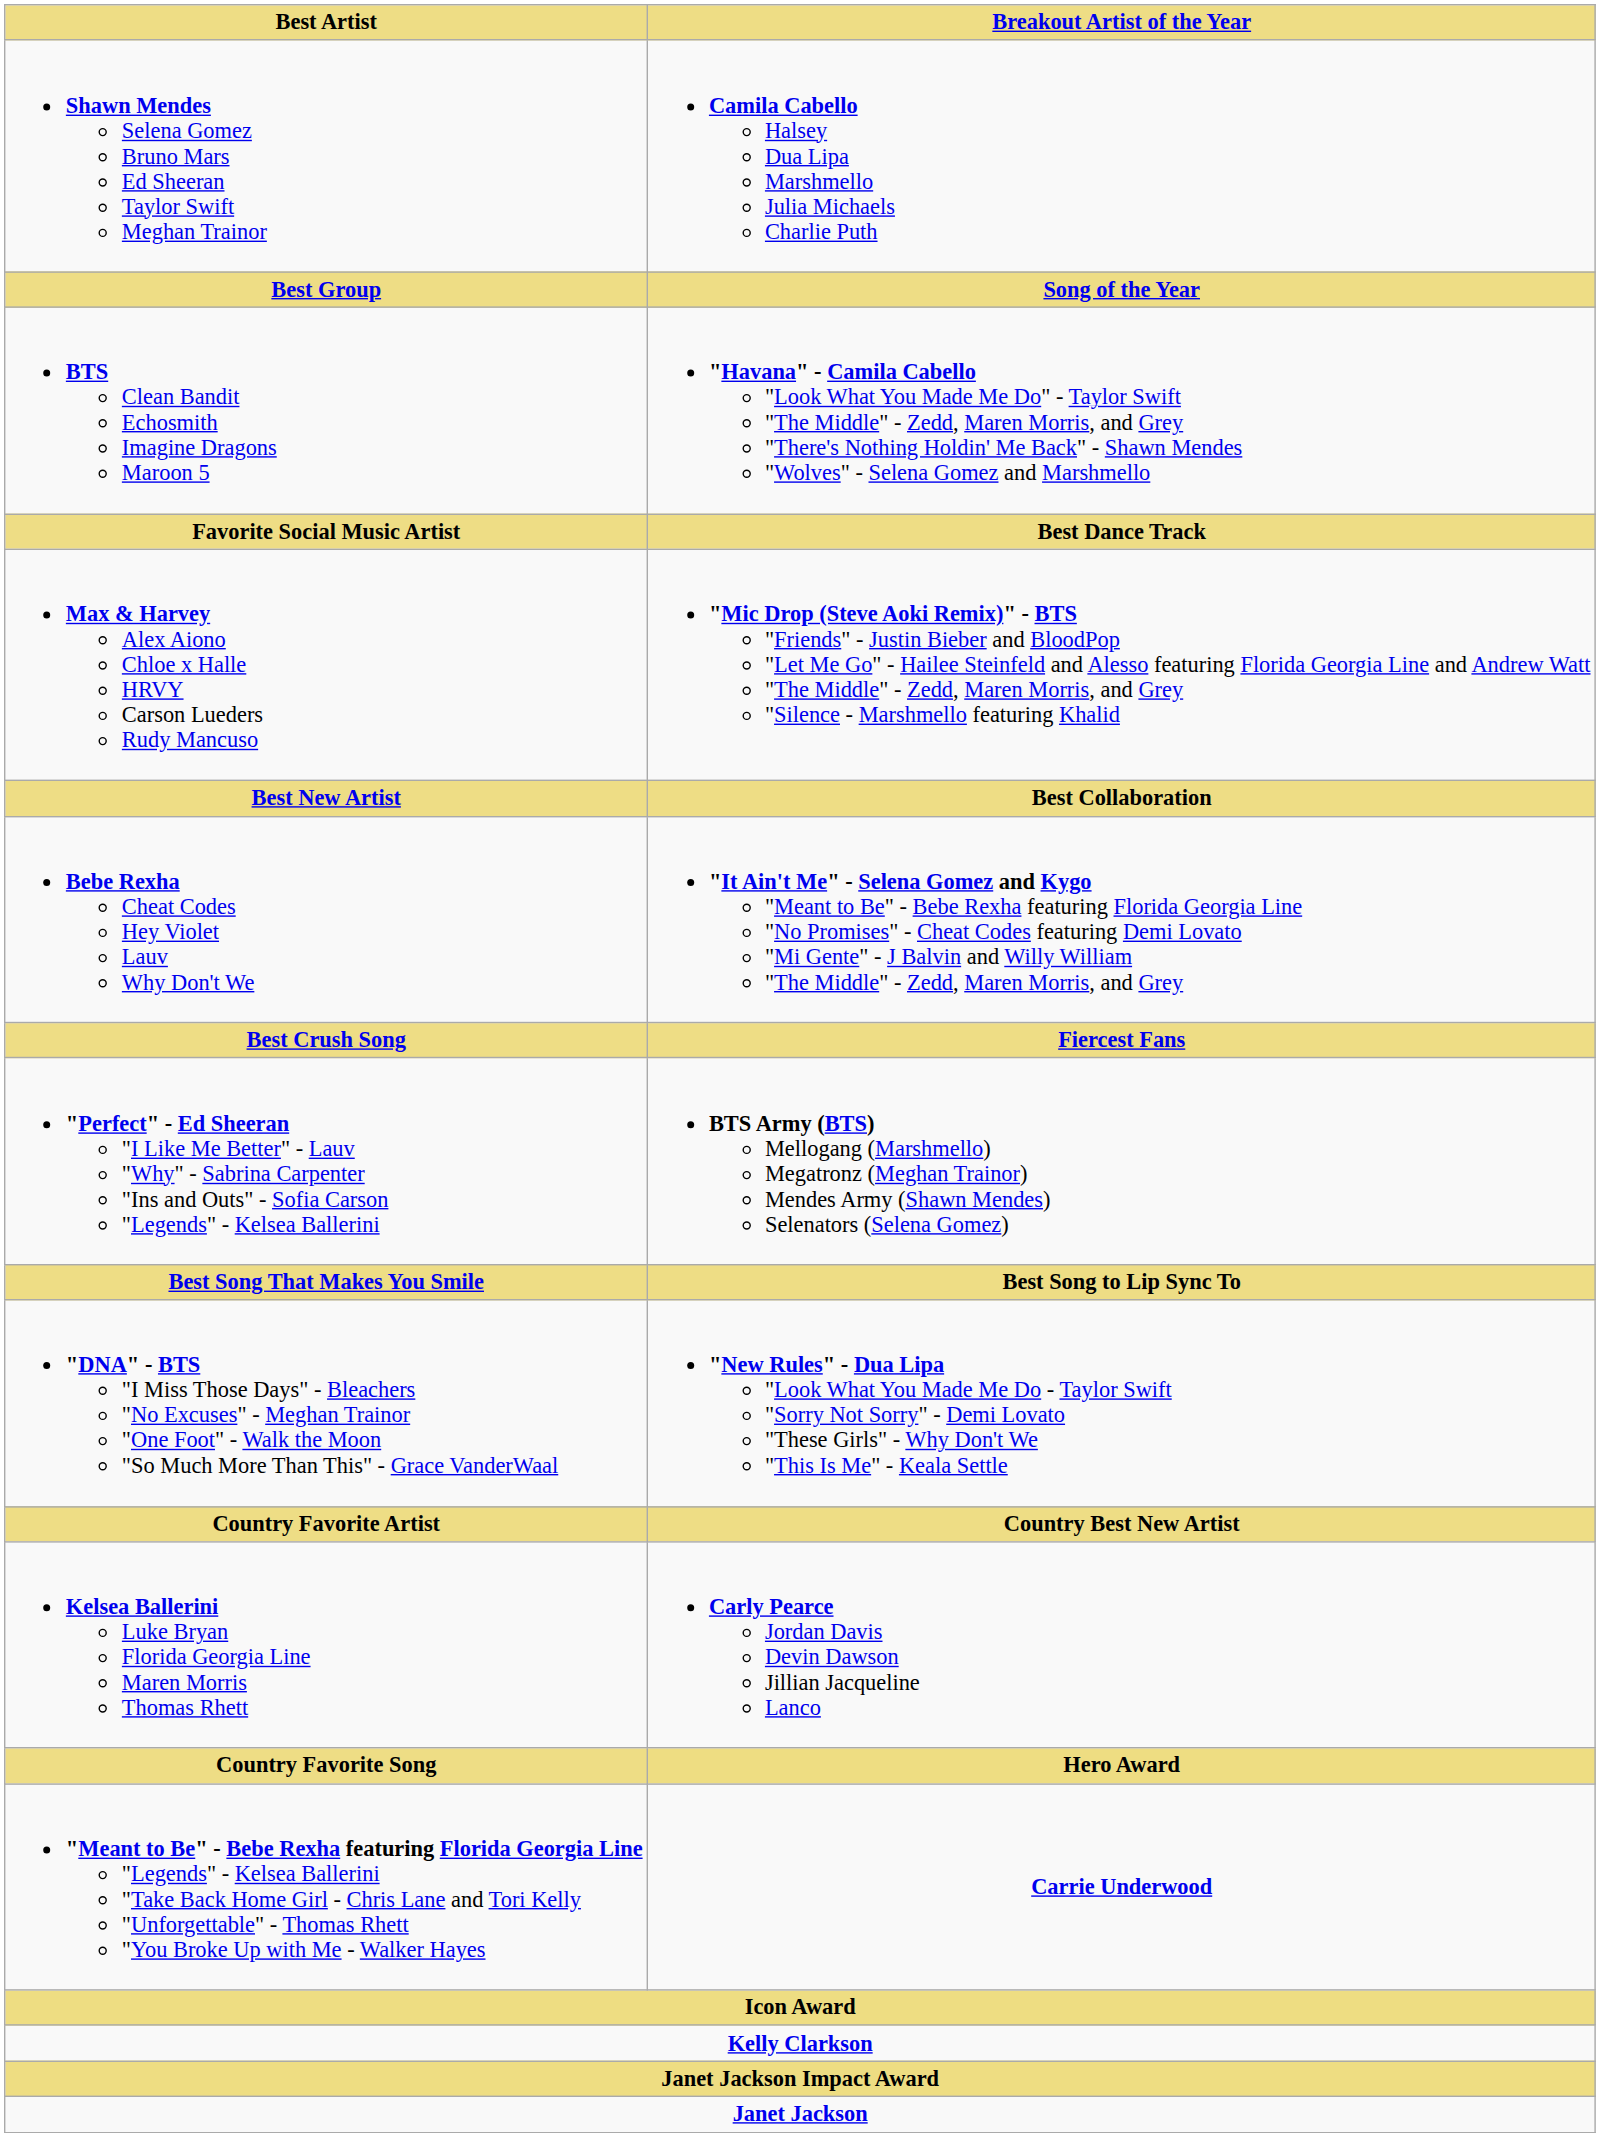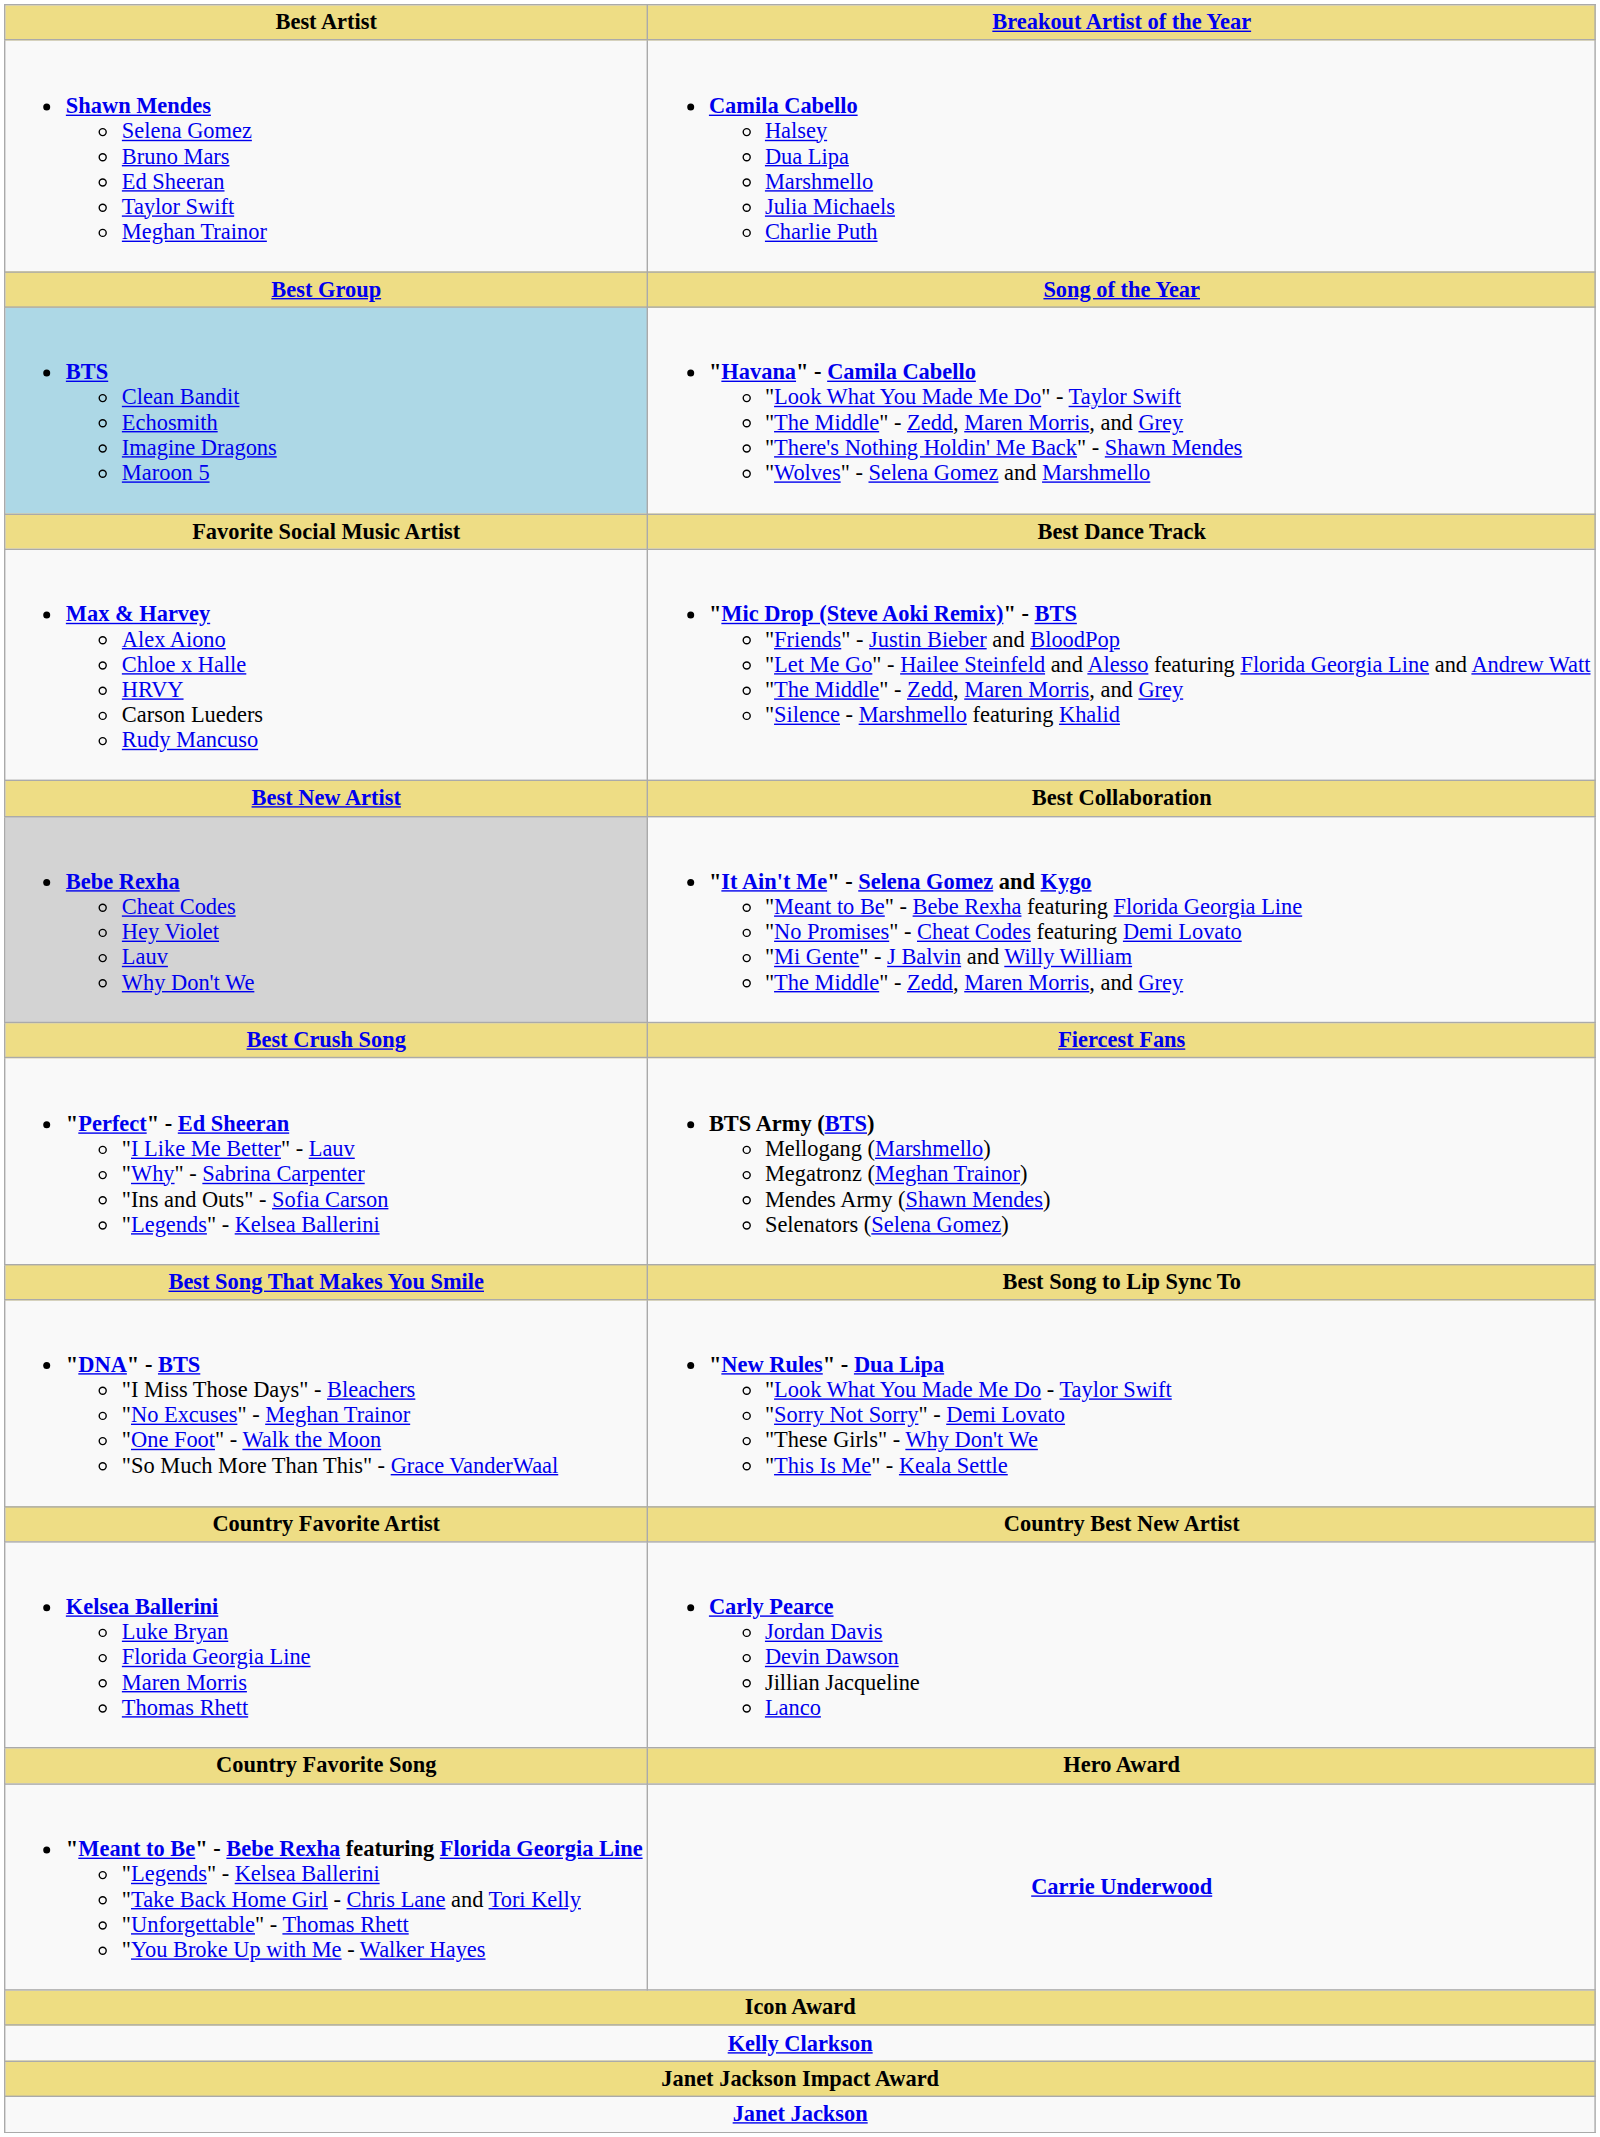 <table class=wikitable style="width="150%">
 <tr>
 <th style="background:#EEDD85; width=50%">Best Artist</th>
 <th style="background:#EEDD85; width=50%"><a href='#'>Breakout Artist of the Year</a></th>
 </tr>
 <tr>
 <td valign="top"><br><ul><li><strong><a href='#'>Shawn Mendes</a></strong><ul><li><a href='#'>Selena Gomez</a></li><li><a href='#'>Bruno Mars</a></li><li><a href='#'>Ed Sheeran</a></li><li><a href='#'>Taylor Swift</a></li><li><a href='#'>Meghan Trainor</a></li></ul></li></ul></td>
 <td valign="top"><br><ul><li><strong><a href='#'>Camila Cabello</a></strong><ul><li><a href='#'>Halsey</a></li><li><a href='#'>Dua Lipa</a></li><li><a href='#'>Marshmello</a></li><li><a href='#'>Julia Michaels</a></li><li><a href='#'>Charlie Puth</a></li></ul></li></ul></td>
 </tr>
 <tr>
 <th style="background:#EEDD85; width=50%"><a href='#'>Best Group</a></th>
 <th style="background:#EEDD85; width=50%"><a href='#'>Song of the Year</a></th>
 </tr>
 <tr>
-<td valign="top"><br><ul><li><strong><a href='#'>BTS</a></strong><ul><li><a href='#'>Clean Bandit</a></li><li><a href='#'>Echosmith</a></li><li><a href='#'>Imagine Dragons</a></li><li><a href='#'>Maroon 5</a></li></ul></li></ul></td>
+<td valign="top" style="background: lightblue;"><br><ul><li><strong><a href='#'>BTS</a></strong><ul><li><a href='#'>Clean Bandit</a></li><li><a href='#'>Echosmith</a></li><li><a href='#'>Imagine Dragons</a></li><li><a href='#'>Maroon 5</a></li></ul></li></ul></td>
 <td valign="top"><br><ul><li><strong>"<a href='#'>Havana</a>" - <a href='#'>Camila Cabello</a></strong><ul><li>"<a href='#'>Look What You Made Me Do</a>" - <a href='#'>Taylor Swift</a></li><li>"<a href='#'>The Middle</a>" - <a href='#'>Zedd</a>, <a href='#'>Maren Morris</a>, and <a href='#'>Grey</a></li><li>"<a href='#'>There's Nothing Holdin' Me Back</a>" - <a href='#'>Shawn Mendes</a></li><li>"<a href='#'>Wolves</a>" - <a href='#'>Selena Gomez</a> and <a href='#'>Marshmello</a></li></ul></li></ul></td>
 </tr>
 <tr>
 <th style="background:#EEDD85; width=50%">Favorite Social Music Artist</th>
 <th style="background:#EEDD85; width=50%">Best Dance Track</th>
 </tr>
 <tr>
 <td valign="top"><br><ul><li><strong><a href='#'>Max & Harvey</a></strong><ul><li><a href='#'>Alex Aiono</a></li><li><a href='#'>Chloe x Halle</a></li><li><a href='#'>HRVY</a></li><li>Carson Lueders</li><li><a href='#'>Rudy Mancuso</a></li></ul></li></ul></td>
 <td valign="top"><br><ul><li><strong>"<a href='#'>Mic Drop (Steve Aoki Remix)</a>" - <a href='#'>BTS</a></strong><ul><li>"<a href='#'>Friends</a>" - <a href='#'>Justin Bieber</a> and <a href='#'>BloodPop</a></li><li>"<a href='#'>Let Me Go</a>" - <a href='#'>Hailee Steinfeld</a> and <a href='#'>Alesso</a> featuring <a href='#'>Florida Georgia Line</a> and <a href='#'>Andrew Watt</a></li><li>"<a href='#'>The Middle</a>" - <a href='#'>Zedd</a>, <a href='#'>Maren Morris</a>, and <a href='#'>Grey</a></li><li>"<a href='#'>Silence</a> - <a href='#'>Marshmello</a> featuring <a href='#'>Khalid</a></li></ul></li></ul></td>
 </tr>
 <tr>
 <th style="background:#EEDD85; width=50%"><a href='#'>Best New Artist</a></th>
 <th style="background:#EEDD85; width=50%">Best Collaboration</th>
 </tr>
 <tr>
-<td valign="top"><br><ul><li><strong><a href='#'>Bebe Rexha</a></strong><ul><li><a href='#'>Cheat Codes</a></li><li><a href='#'>Hey Violet</a></li><li><a href='#'>Lauv</a></li><li><a href='#'>Why Don't We</a></li></ul></li></ul></td>
+<td valign="top" style="background: lightgrey;"><br><ul><li><strong><a href='#'>Bebe Rexha</a></strong><ul><li><a href='#'>Cheat Codes</a></li><li><a href='#'>Hey Violet</a></li><li><a href='#'>Lauv</a></li><li><a href='#'>Why Don't We</a></li></ul></li></ul></td>
 <td valign="top"><br><ul><li><strong>"<a href='#'>It Ain't Me</a>" - <a href='#'>Selena Gomez</a> and <a href='#'>Kygo</a></strong><ul><li>"<a href='#'>Meant to Be</a>" - <a href='#'>Bebe Rexha</a> featuring <a href='#'>Florida Georgia Line</a></li><li>"<a href='#'>No Promises</a>" - <a href='#'>Cheat Codes</a> featuring <a href='#'>Demi Lovato</a></li><li>"<a href='#'>Mi Gente</a>" - <a href='#'>J Balvin</a> and <a href='#'>Willy William</a></li><li>"<a href='#'>The Middle</a>" - <a href='#'>Zedd</a>, <a href='#'>Maren Morris</a>, and <a href='#'>Grey</a></li></ul></li></ul></td>
 </tr>
 <tr>
 <th style="background:#EEDD85; width=50%"><a href='#'>Best Crush Song</a></th>
 <th style="background:#EEDD85; width=50%"><a href='#'>Fiercest Fans</a></th>
 </tr>
 <tr>
 <td valign="top"><br><ul><li><strong>"<a href='#'>Perfect</a>" - <a href='#'>Ed Sheeran</a></strong><ul><li>"<a href='#'>I Like Me Better</a>" - <a href='#'>Lauv</a></li><li>"<a href='#'>Why</a>" - <a href='#'>Sabrina Carpenter</a></li><li>"Ins and Outs" - <a href='#'>Sofia Carson</a></li><li>"<a href='#'>Legends</a>" - <a href='#'>Kelsea Ballerini</a></li></ul></li></ul></td>
 <td valign="top"><br><ul><li><strong>BTS Army (<a href='#'>BTS</a>)</strong><ul><li>Mellogang (<a href='#'>Marshmello</a>)</li><li>Megatronz (<a href='#'>Meghan Trainor</a>)</li><li>Mendes Army (<a href='#'>Shawn Mendes</a>)</li><li>Selenators (<a href='#'>Selena Gomez</a>)</li></ul></li></ul></td>
 </tr>
 <tr>
 <th style="background:#EEDD85; width=50%"><a href='#'>Best Song That Makes You Smile</a></th>
 <th style="background:#EEDD85; width=50%">Best Song to Lip Sync To</th>
 </tr>
 <tr>
 <td valign="top"><br><ul><li><strong>"<a href='#'>DNA</a>" - <a href='#'>BTS</a></strong><ul><li>"I Miss Those Days" - <a href='#'>Bleachers</a></li><li>"<a href='#'>No Excuses</a>" - <a href='#'>Meghan Trainor</a></li><li>"<a href='#'>One Foot</a>" - <a href='#'>Walk the Moon</a></li><li>"So Much More Than This" - <a href='#'>Grace VanderWaal</a></li></ul></li></ul></td>
 <td valign="top"><br><ul><li><strong>"<a href='#'>New Rules</a>" - <a href='#'>Dua Lipa</a></strong><ul><li>"<a href='#'>Look What You Made Me Do</a> - <a href='#'>Taylor Swift</a></li><li>"<a href='#'>Sorry Not Sorry</a>" - <a href='#'>Demi Lovato</a></li><li>"These Girls" - <a href='#'>Why Don't We</a></li><li>"<a href='#'>This Is Me</a>" - <a href='#'>Keala Settle</a></li></ul></li></ul></td>
 </tr>
 <tr>
 <th style="background:#EEDD85; width=50%">Country Favorite Artist</th>
 <th style="background:#EEDD85; width=50%">Country Best New Artist</th>
 </tr>
 <tr>
 <td valign="top"><br><ul><li><strong><a href='#'>Kelsea Ballerini</a></strong><ul><li><a href='#'>Luke Bryan</a></li><li><a href='#'>Florida Georgia Line</a></li><li><a href='#'>Maren Morris</a></li><li><a href='#'>Thomas Rhett</a></li></ul></li></ul></td>
 <td valign="top"><br><ul><li><strong><a href='#'>Carly Pearce</a></strong><ul><li><a href='#'>Jordan Davis</a></li><li><a href='#'>Devin Dawson</a></li><li>Jillian Jacqueline</li><li><a href='#'>Lanco</a></li></ul></li></ul></td>
 </tr>
 <tr>
 <th style="background:#EEDD85; width=50%">Country Favorite Song</th>
 <th style="background:#EEDD82; width=50%">Hero Award</th>
 </tr>
 <tr>
 <td valign="top"><br><ul><li><strong>"<a href='#'>Meant to Be</a>" - <a href='#'>Bebe Rexha</a> featuring <a href='#'>Florida Georgia Line</a></strong><ul><li>"<a href='#'>Legends</a>" - <a href='#'>Kelsea Ballerini</a></li><li>"<a href='#'>Take Back Home Girl</a> - <a href='#'>Chris Lane</a> and <a href='#'>Tori Kelly</a></li><li>"<a href='#'>Unforgettable</a>" - <a href='#'>Thomas Rhett</a></li><li>"<a href='#'>You Broke Up with Me</a> - <a href='#'>Walker Hayes</a></li></ul></li></ul></td>
 <td colspan="2" style="text-align: center;"><strong><a href='#'>Carrie Underwood</a></strong></td>
 </tr>
 <tr>
 <th style="background:#EEDD82; width=50%" colspan="2">Icon Award</th>
 </tr>
 <tr>
 <td colspan="2" style="text-align: center;"><strong><a href='#'>Kelly Clarkson</a></strong></td>
 </tr>
 <tr>
 <th style="background:#EEDD82; width=50%" colspan="2">Janet Jackson Impact Award</th>
 </tr>
 <tr>
 <td colspan="2" style="text-align: center;"><strong><a href='#'>Janet Jackson</a></strong></td>
 </tr>
 </table>
